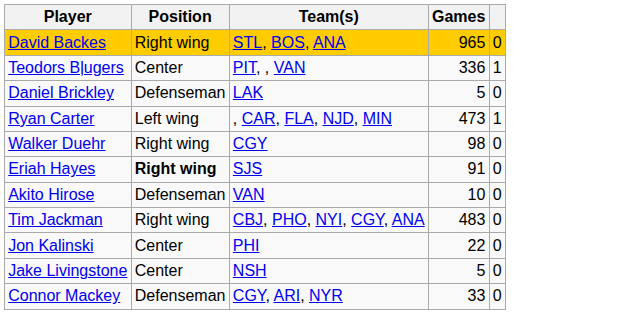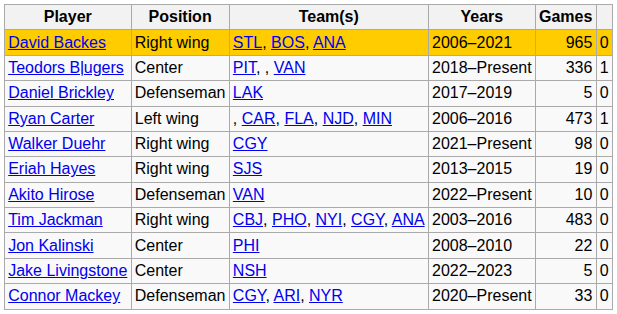 <table class="wikitable sortable">
 <tr>
 <th>Player</th>
 <th>Position</th>
 <th>Team(s)</th>
+<th>Years</th>
 <th>Games</th>
 <th><a href='#'></a></th>
 </tr>
 <tr bgcolor=#FFCC00>
 <td><a href='#'>David Backes</a></td>
 <td>Right wing</td>
 <td><a href='#'>STL</a>, <a href='#'>BOS</a>, <a href='#'>ANA</a></td>
+<td>2006–2021</td>
 <td align=right>965</td>
 <td align=center>0</td>
 </tr>
 <tr>
 <td><a href='#'>Teodors Bļugers</a></td>
 <td>Center</td>
 <td><a href='#'>PIT</a>, <span><strong></strong></span>, <a href='#'>VAN</a></td>
+<td>2018–Present</td>
 <td align=right>336</td>
 <td align=center>1</td>
 </tr>
 <tr>
 <td><a href='#'>Daniel Brickley</a></td>
 <td>Defenseman</td>
 <td><a href='#'>LAK</a></td>
+<td>2017–2019</td>
 <td align=right>5</td>
 <td align=center>0</td>
 </tr>
 <tr>
 <td><a href='#'>Ryan Carter</a></td>
 <td>Left wing</td>
 <td><span><strong></strong></span>, <a href='#'>CAR</a>, <a href='#'>FLA</a>, <a href='#'>NJD</a>, <a href='#'>MIN</a></td>
+<td>2006–2016</td>
 <td align=right>473</td>
 <td align=center>1</td>
 </tr>
 <tr>
 <td><a href='#'>Walker Duehr</a></td>
 <td>Right wing</td>
 <td><a href='#'>CGY</a></td>
+<td>2021–Present</td>
 <td align=right>98</td>
 <td align=center>0</td>
 </tr>
 <tr>
 <td><a href='#'>Eriah Hayes</a></td>
-<td><strong>Right wing</strong></td>
+<td>Right wing</td>
 <td><a href='#'>SJS</a></td>
-<td align=right>91</td>
+<td>2013–2015</td>
+<td align=right>19</td>
 <td align=center>0</td>
 </tr>
 <tr>
 <td><a href='#'>Akito Hirose</a></td>
 <td>Defenseman</td>
 <td><a href='#'>VAN</a></td>
+<td>2022–Present</td>
 <td align=right>10</td>
 <td align=center>0</td>
 </tr>
 <tr>
 <td><a href='#'>Tim Jackman</a></td>
 <td>Right wing</td>
 <td><a href='#'>CBJ</a>, <a href='#'>PHO</a>, <a href='#'>NYI</a>, <a href='#'>CGY</a>, <a href='#'>ANA</a></td>
+<td>2003–2016</td>
 <td align=right>483</td>
 <td align=center>0</td>
 </tr>
 <tr>
 <td><a href='#'>Jon Kalinski</a></td>
 <td>Center</td>
 <td><a href='#'>PHI</a></td>
+<td>2008–2010</td>
 <td align=right>22</td>
 <td align=center>0</td>
 </tr>
 <tr>
 <td><a href='#'>Jake Livingstone</a></td>
 <td>Center</td>
 <td><a href='#'>NSH</a></td>
+<td>2022–2023</td>
 <td align=right>5</td>
 <td align=center>0</td>
 </tr>
 <tr>
 <td><a href='#'>Connor Mackey</a></td>
 <td>Defenseman</td>
 <td><a href='#'>CGY</a>, <a href='#'>ARI</a>, <a href='#'>NYR</a></td>
+<td>2020–Present</td>
 <td align=right>33</td>
 <td align=center>0</td>
 </tr>
 </table>
